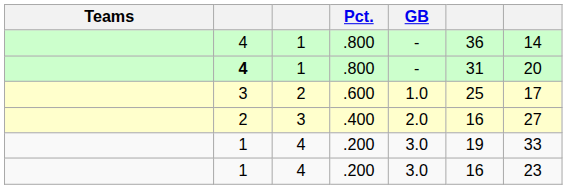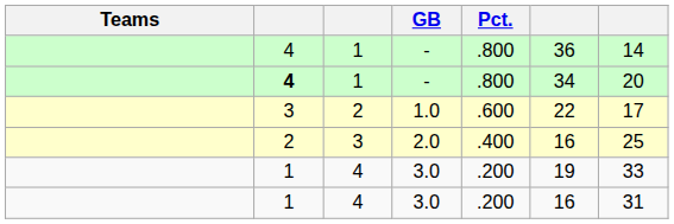 <table class="wikitable" style="text-align:center;">
 <tr>
 <th width=200px>Teams</th>
 <th width=50px></th>
 <th width=50px></th>
+<th width=50px><a href='#'>GB</a></th>
 <th width=50px><a href='#'>Pct.</a></th>
-<th width=50px><a href='#'>GB</a></th>
 <th width=50px></th>
 <th width=50px></th>
 </tr>
 <tr style="background-color:#ccffcc">
 <td align=left></td>
 <td>4</td>
 <td>1</td>
+<td>-</td>
 <td>.800</td>
-<td>-</td>
 <td>36</td>
 <td>14</td>
 </tr>
 <tr style="background-color:#ccffcc">
 <td align=left></td>
 <td><strong>4</strong></td>
 <td>1</td>
+<td>-</td>
 <td>.800</td>
-<td>-</td>
-<td>31</td>
+<td>34</td>
 <td>20</td>
 </tr>
 <tr style="background-color:#ffffcc">
 <td align=left></td>
 <td>3</td>
 <td>2</td>
+<td>1.0</td>
 <td>.600</td>
-<td>1.0</td>
-<td>25</td>
+<td>22</td>
 <td>17</td>
 </tr>
 <tr style="background-color:#ffffcc">
 <td align=left></td>
 <td>2</td>
 <td>3</td>
+<td>2.0</td>
 <td>.400</td>
-<td>2.0</td>
 <td>16</td>
-<td>27</td>
+<td>25</td>
 </tr>
 <tr style="background-color:">
 <td align=left></td>
 <td>1</td>
 <td>4</td>
+<td>3.0</td>
 <td>.200</td>
-<td>3.0</td>
 <td>19</td>
 <td>33</td>
 </tr>
 <tr style="background-color:">
 <td align=left></td>
 <td>1</td>
 <td>4</td>
+<td>3.0</td>
 <td>.200</td>
-<td>3.0</td>
 <td>16</td>
-<td>23</td>
+<td>31</td>
 </tr>
 </table>
